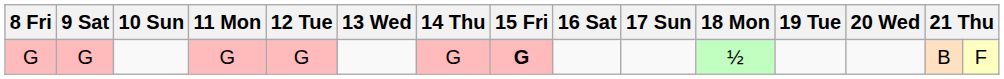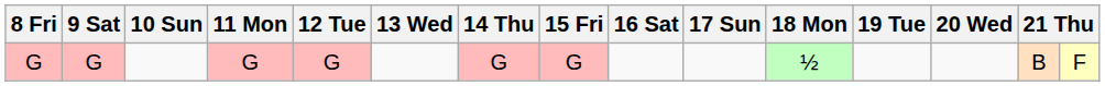 <table class="wikitable" style="margin:0.5em auto; font-size:90%; line-height:1.25em; text-align:center">
 <tr>
 <th>8 Fri</th>
 <th>9 Sat</th>
 <th>10 Sun</th>
 <th>11 Mon</th>
 <th>12 Tue</th>
 <th>13 Wed</th>
 <th>14 Thu</th>
 <th>15 Fri</th>
 <th>16 Sat</th>
 <th>17 Sun</th>
 <th>18 Mon</th>
 <th>19 Tue</th>
 <th>20 Wed</th>
 <th colspan=2>21 Thu</th>
 </tr>
 <tr>
 <td bgcolor="#FFBBBB">G</td>
 <td bgcolor="#FFBBBB">G</td>
 <td></td>
 <td bgcolor="#FFBBBB">G</td>
 <td bgcolor="#FFBBBB">G</td>
 <td></td>
 <td bgcolor="#FFBBBB">G</td>
-<td bgcolor="#FFBBBB"><strong>G</strong></td>
+<td bgcolor="#FFBBBB">G</td>
 <td></td>
 <td></td>
 <td bgcolor="#C0FFC0">½</td>
 <td></td>
 <td></td>
 <td bgcolor="#FFE0C0">B</td>
 <td bgcolor="#FFFFC0">F</td>
 </tr>
 </table>
